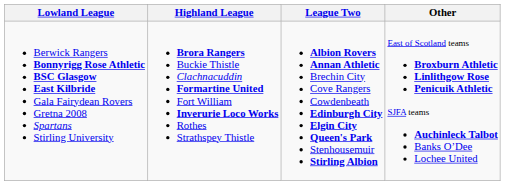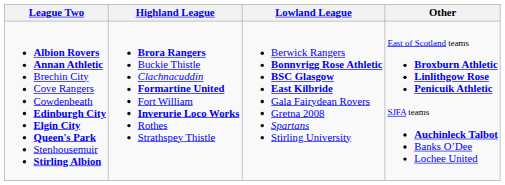 <table class="wikitable" style="text-align:left">
 <tr>
+<th><a href='#'>League Two</a></th>
+<th><a href='#'>Highland League</a></th>
 <th><a href='#'>Lowland League</a></th>
-<th><a href='#'>Highland League</a></th>
-<th><a href='#'>League Two</a></th>
 <th>Other</th>
 </tr>
 <tr>
+<td valign=top><br><ul><li><strong><a href='#'>Albion Rovers</a></strong></li><li><strong><a href='#'>Annan Athletic</a></strong></li><li><a href='#'>Brechin City</a></li><li><a href='#'>Cove Rangers</a></li><li><a href='#'>Cowdenbeath</a></li><li><strong><a href='#'>Edinburgh City</a></strong></li><li><strong><a href='#'>Elgin City</a></strong></li><li><strong><a href='#'>Queen's Park</a></strong></li><li><a href='#'>Stenhousemuir</a></li><li><strong><a href='#'>Stirling Albion</a></strong></li></ul></td>
+<td valign=top><br><ul><li><strong><a href='#'>Brora Rangers</a></strong></li><li><a href='#'>Buckie Thistle</a></li><li><em><a href='#'>Clachnacuddin</a></em></li><li><strong><a href='#'>Formartine United</a></strong></li><li><a href='#'>Fort William</a></li><li><strong><a href='#'>Inverurie Loco Works</a></strong></li><li><a href='#'>Rothes</a></li><li><a href='#'>Strathspey Thistle</a></li></ul></td>
 <td valign=top><br><ul><li><a href='#'>Berwick Rangers</a></li><li><strong><a href='#'>Bonnyrigg Rose Athletic</a></strong></li><li><strong><a href='#'>BSC Glasgow</a></strong></li><li><strong><a href='#'>East Kilbride</a></strong></li><li><a href='#'>Gala Fairydean Rovers</a></li><li><a href='#'>Gretna 2008</a></li><li><em><a href='#'>Spartans</a></em></li><li><a href='#'>Stirling University</a></li></ul></td>
-<td valign=top><br><ul><li><strong><a href='#'>Brora Rangers</a></strong></li><li><a href='#'>Buckie Thistle</a></li><li><em><a href='#'>Clachnacuddin</a></em></li><li><strong><a href='#'>Formartine United</a></strong></li><li><a href='#'>Fort William</a></li><li><strong><a href='#'>Inverurie Loco Works</a></strong></li><li><a href='#'>Rothes</a></li><li><a href='#'>Strathspey Thistle</a></li></ul></td>
-<td valign=top><br><ul><li><strong><a href='#'>Albion Rovers</a></strong></li><li><strong><a href='#'>Annan Athletic</a></strong></li><li><a href='#'>Brechin City</a></li><li><a href='#'>Cove Rangers</a></li><li><a href='#'>Cowdenbeath</a></li><li><strong><a href='#'>Edinburgh City</a></strong></li><li><strong><a href='#'>Elgin City</a></strong></li><li><strong><a href='#'>Queen's Park</a></strong></li><li><a href='#'>Stenhousemuir</a></li><li><strong><a href='#'>Stirling Albion</a></strong></li></ul></td>
 <td valign=top><br><small><a href='#'>East of Scotland</a> teams</small><ul><li><strong><a href='#'>Broxburn Athletic</a></strong></li><li><strong><a href='#'>Linlithgow Rose</a></strong></li><li><strong><a href='#'>Penicuik Athletic</a></strong></li></ul><small><a href='#'>SJFA</a> teams</small><ul><li><strong><a href='#'>Auchinleck Talbot</a></strong></li><li><a href='#'>Banks O’Dee</a></li><li><a href='#'>Lochee United</a></li></ul></td>
 </tr>
 </table>
